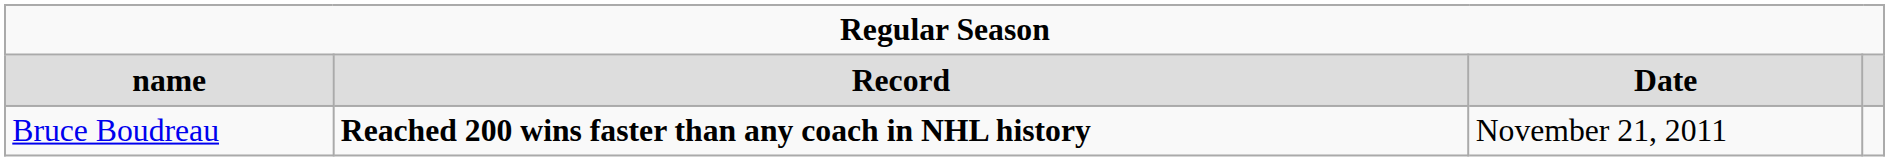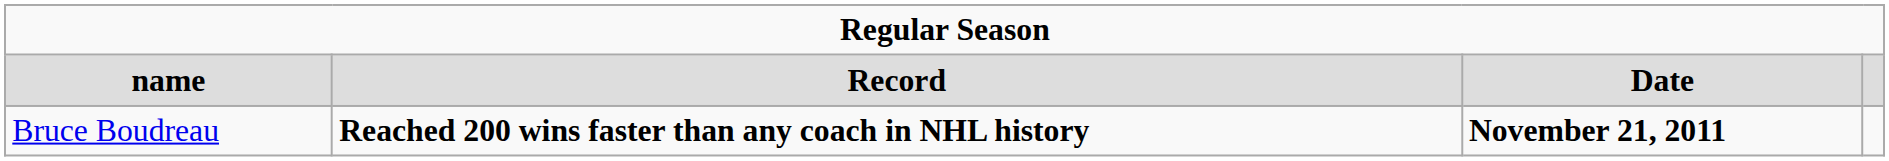 <table class="wikitable" style="width:60%;">
 <tr>
 <td colspan="10" style="text-align:center;"><strong>Regular Season</strong></td>
 </tr>
 <tr style="text-align:center; background:#ddd;">
 <td><strong>name</strong></td>
 <td><strong>Record</strong></td>
 <td><strong>Date</strong></td>
 <td></td>
 </tr>
 <tr>
 <td><a href='#'>Bruce Boudreau</a></td>
 <td><strong>Reached 200 wins faster than any coach in NHL history</strong></td>
-<td>November 21, 2011</td>
+<td><strong>November 21, 2011</strong></td>
 <td></td>
 </tr>
 </table>
